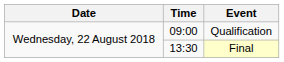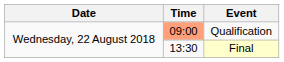 <table class = "wikitable" style="text-align:center;">
 <tr>
 <th width=220>Date</th>
 <th width=50>Time</th>
 <th width=100>Event</th>
 </tr>
 <tr>
 <td rowspan=2>Wednesday, 22 August 2018</td>
-<td>09:00</td>
+<td style="background: lightsalmon;">09:00</td>
 <td>Qualification</td>
 </tr>
 <tr>
 <td>13:30</td>
 <td bgcolor=ffffcc>Final</td>
 </tr>
 </table>
